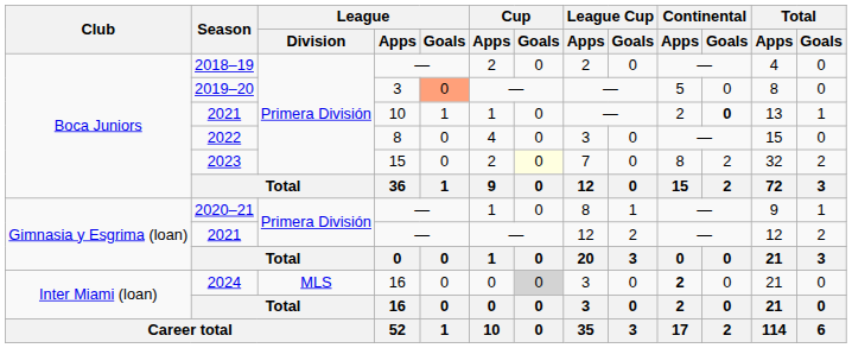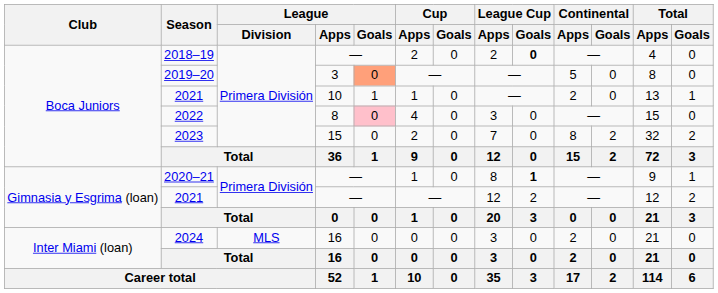 <table class="wikitable" style="text-align:center">
 <tr>
 <th rowspan="2">Club</th>
 <th rowspan="2">Season</th>
 <th colspan="3">League</th>
 <th colspan="2">Cup</th>
 <th colspan="2">League Cup</th>
 <th colspan="2">Continental</th>
 <th colspan="2">Total</th>
 </tr>
 <tr>
 <th>Division</th>
 <th>Apps</th>
 <th>Goals</th>
 <th>Apps</th>
 <th>Goals</th>
 <th>Apps</th>
 <th>Goals</th>
 <th>Apps</th>
 <th>Goals</th>
 <th>Apps</th>
 <th>Goals</th>
 </tr>
 <tr>
 <td rowspan="6"><a href='#'>Boca Juniors</a></td>
 <td><a href='#'>2018–19</a></td>
 <td rowspan="5"><a href='#'>Primera División</a></td>
 <td colspan="2">—</td>
 <td>2</td>
 <td>0</td>
 <td>2</td>
-<td>0</td>
+<td><strong>0</strong></td>
 <td colspan="2">—</td>
 <td>4</td>
 <td>0</td>
 </tr>
 <tr>
 <td><a href='#'>2019–20</a></td>
 <td>3</td>
 <td style="background: lightsalmon;">0</td>
 <td colspan="2">—</td>
 <td colspan="2">—</td>
 <td>5</td>
 <td>0</td>
 <td>8</td>
 <td>0</td>
 </tr>
 <tr>
 <td><a href='#'>2021</a></td>
 <td>10</td>
 <td>1</td>
 <td>1</td>
 <td>0</td>
 <td colspan="2">—</td>
 <td>2</td>
-<td><strong>0</strong></td>
+<td>0</td>
 <td>13</td>
 <td>1</td>
 </tr>
 <tr>
 <td><a href='#'>2022</a></td>
 <td>8</td>
-<td>0</td>
+<td style="background: pink;">0</td>
 <td>4</td>
 <td>0</td>
 <td>3</td>
 <td>0</td>
 <td colspan="2">—</td>
 <td>15</td>
 <td>0</td>
 </tr>
 <tr>
 <td><a href='#'>2023</a></td>
 <td>15</td>
 <td>0</td>
 <td>2</td>
-<td style="background: lightyellow;">0</td>
+<td>0</td>
 <td>7</td>
 <td>0</td>
 <td>8</td>
 <td>2</td>
 <td>32</td>
 <td>2</td>
 </tr>
 <tr>
 <th colspan="2">Total</th>
 <th>36</th>
 <th>1</th>
 <th>9</th>
 <th>0</th>
 <th>12</th>
 <th>0</th>
 <th>15</th>
 <th>2</th>
 <th>72</th>
 <th>3</th>
 </tr>
 <tr>
 <td rowspan="3"><a href='#'>Gimnasia y Esgrima</a> (loan)</td>
 <td><a href='#'>2020–21</a></td>
 <td rowspan="2"><a href='#'>Primera División</a></td>
 <td colspan="2">—</td>
 <td>1</td>
 <td>0</td>
 <td>8</td>
-<td>1</td>
+<td><strong>1</strong></td>
 <td colspan="2">—</td>
 <td>9</td>
 <td>1</td>
 </tr>
 <tr>
 <td><a href='#'>2021</a></td>
 <td colspan="2">—</td>
 <td colspan="2">—</td>
 <td>12</td>
 <td>2</td>
 <td colspan="2">—</td>
 <td>12</td>
 <td>2</td>
 </tr>
 <tr>
 <th colspan="2">Total</th>
 <th>0</th>
 <th>0</th>
 <th>1</th>
 <th>0</th>
 <th>20</th>
 <th>3</th>
 <th>0</th>
 <th>0</th>
 <th>21</th>
 <th>3</th>
 </tr>
 <tr>
 <td rowspan="2"><a href='#'>Inter Miami</a> (loan)</td>
 <td><a href='#'>2024</a></td>
 <td><a href='#'>MLS</a></td>
 <td>16</td>
 <td>0</td>
 <td>0</td>
-<td style="background: lightgrey;">0</td>
+<td>0</td>
 <td>3</td>
 <td>0</td>
-<td><strong>2</strong></td>
+<td>2</td>
 <td>0</td>
 <td>21</td>
 <td>0</td>
 </tr>
 <tr>
 <th colspan="2">Total</th>
 <th>16</th>
 <th>0</th>
 <th>0</th>
 <th>0</th>
 <th>3</th>
 <th>0</th>
 <th>2</th>
 <th>0</th>
 <th>21</th>
 <th>0</th>
 </tr>
 <tr>
 <th colspan="3">Career total</th>
 <th>52</th>
 <th>1</th>
 <th>10</th>
 <th>0</th>
 <th>35</th>
 <th>3</th>
 <th>17</th>
 <th>2</th>
 <th>114</th>
 <th>6</th>
 </tr>
 </table>
